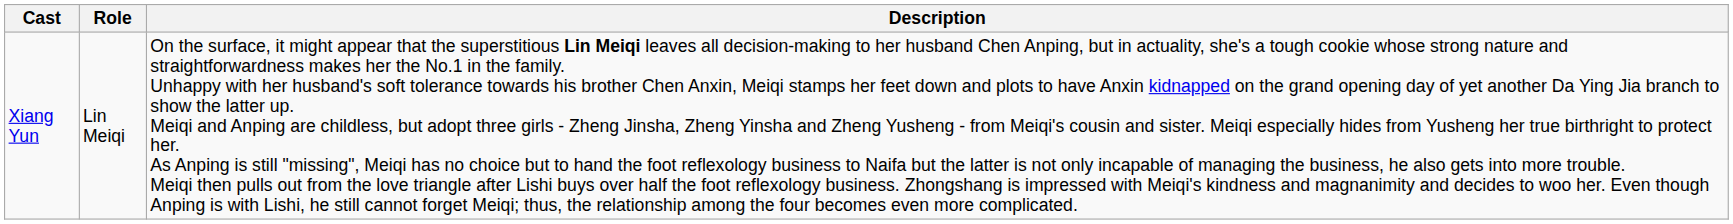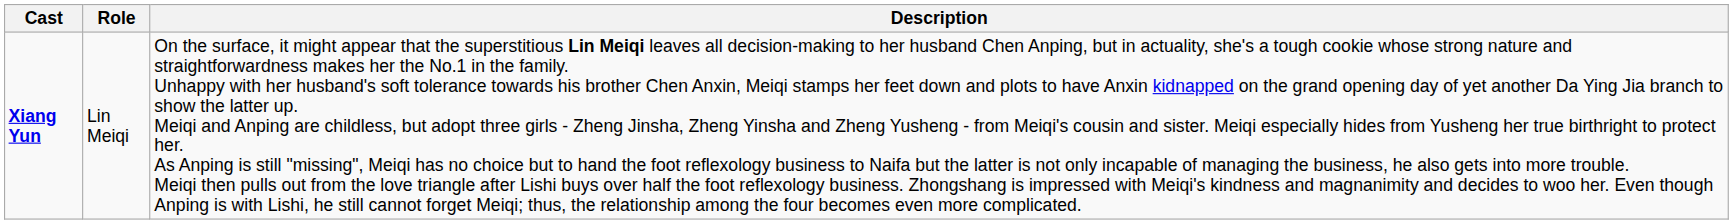 <table class="wikitable">
 <tr>
 <th>Cast</th>
 <th>Role</th>
 <th>Description</th>
 </tr>
 <tr>
-<td><a href='#'>Xiang Yun</a></td>
+<td><strong><a href='#'>Xiang Yun</a></strong></td>
 <td>Lin Meiqi</td>
 <td>On the surface, it might appear that the superstitious <strong>Lin Meiqi</strong> leaves all decision-making to her husband Chen Anping, but in actuality, she's a tough cookie whose strong nature and straightforwardness makes her the No.1 in the family.<br>Unhappy with her husband's soft tolerance towards his brother Chen Anxin, Meiqi stamps her feet down and plots to have Anxin <a href='#'>kidnapped</a> on the grand opening day of yet another Da Ying Jia branch to show the latter up.<br>Meiqi and Anping are childless, but adopt three girls - Zheng Jinsha, Zheng Yinsha and Zheng Yusheng - from Meiqi's cousin and sister. Meiqi especially hides from Yusheng her true birthright to protect her.<br>As Anping is still "missing", Meiqi has no choice but to hand the foot reflexology business to Naifa but the latter is not only incapable of managing the business, he also gets into more trouble.<br>Meiqi then pulls out from the love triangle after Lishi buys over half the foot reflexology business. Zhongshang is impressed with Meiqi's kindness and magnanimity and decides to woo her. Even though Anping is with Lishi, he still cannot forget Meiqi; thus, the relationship among the four becomes even more complicated.</td>
 </tr>
 </table>
